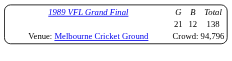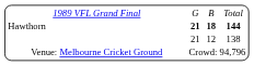 <table style="margin-right:4px; margin-top:8px; float:right; clear:right; border:1px #000 solid; border-radius:8px; background:#fff; font-family:Verdana; font-size:8pt; text-align:center;">
 <tr>
 <td style="width:200px;"><em><a href='#'>1989 VFL Grand Final</a></em></td>
 <td><em>G</em></td>
 <td><em>B</em></td>
 <td><em>Total</em></td>
+</tr>
+<tr>
+<td style="text-align:left">Hawthorn</td>
+<td><strong>21</strong></td>
+<td><strong>18</strong></td>
+<td><strong>144</strong></td>
 </tr>
 <tr>
 <td style="text-align:left"></td>
 <td>21</td>
 <td>12</td>
 <td>138</td>
 </tr>
 <tr>
 <td>Venue: <a href='#'>Melbourne Cricket Ground</a></td>
 <td colspan="3">Crowd: 94,796</td>
 </tr>
 </table>
